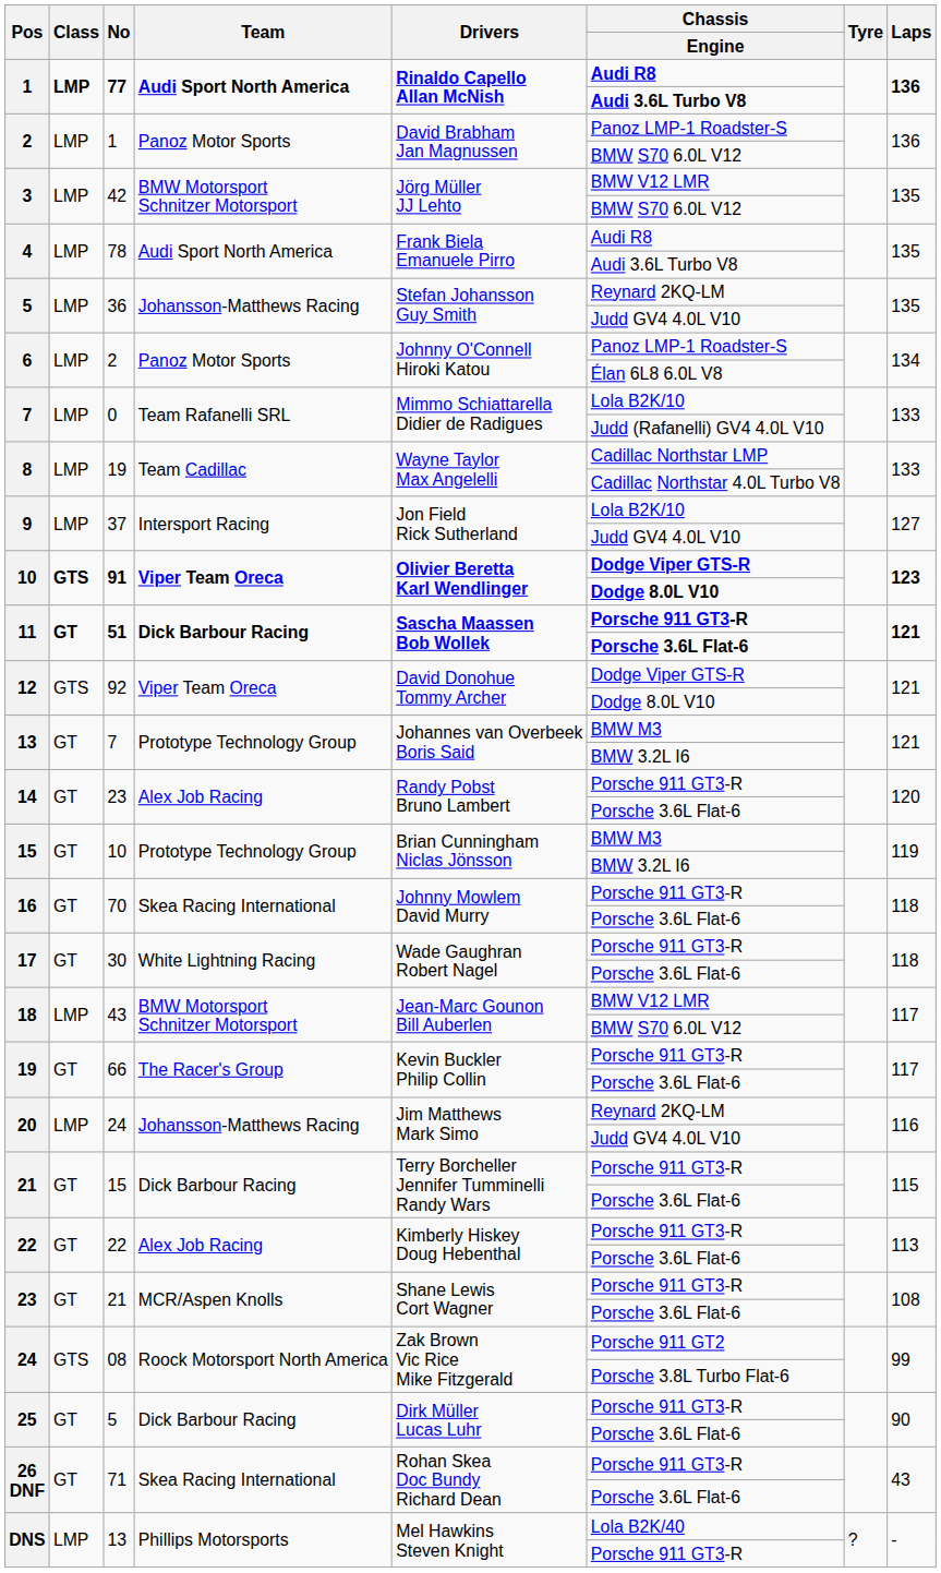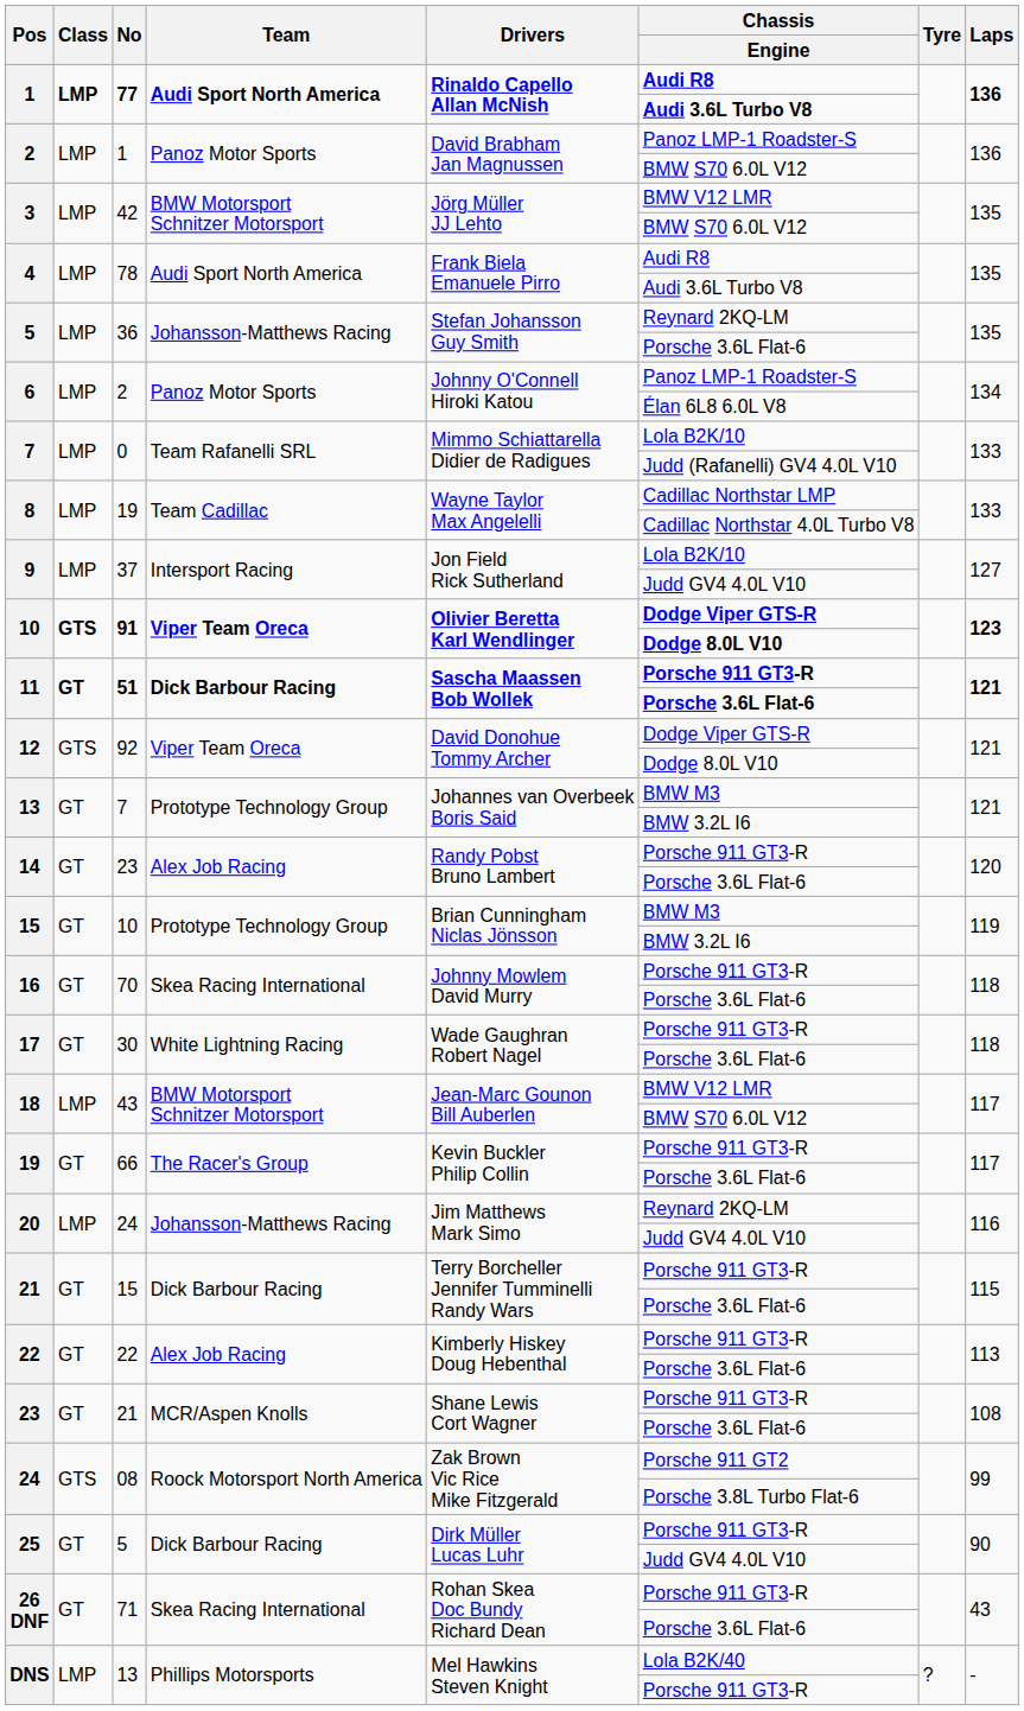 <table class="wikitable" style="font-size: 95%;">
 <tr>
 <th rowspan=2>Pos</th>
 <th rowspan=2>Class</th>
 <th rowspan=2>No</th>
 <th rowspan=2>Team</th>
 <th rowspan=2>Drivers</th>
 <th>Chassis</th>
 <th rowspan=2>Tyre</th>
 <th rowspan=2>Laps</th>
 </tr>
 <tr>
 <th>Engine</th>
 </tr>
 <tr style="font-weight:bold">
 <th rowspan=2>1</th>
 <td rowspan=2>LMP</td>
 <td rowspan=2>77</td>
 <td rowspan=2> <a href='#'>Audi</a> Sport North America</td>
 <td rowspan=2> <a href='#'>Rinaldo Capello</a><br> <a href='#'>Allan McNish</a></td>
 <td><a href='#'>Audi R8</a></td>
 <td rowspan=2></td>
 <td rowspan=2>136</td>
 </tr>
 <tr style="font-weight:bold">
 <td><a href='#'>Audi</a> 3.6L Turbo V8</td>
 </tr>
 <tr>
 <th rowspan=2>2</th>
 <td rowspan=2>LMP</td>
 <td rowspan=2>1</td>
 <td rowspan=2> <a href='#'>Panoz</a> Motor Sports</td>
 <td rowspan=2> <a href='#'>David Brabham</a><br> <a href='#'>Jan Magnussen</a></td>
 <td><a href='#'>Panoz LMP-1 Roadster-S</a></td>
 <td rowspan=2></td>
 <td rowspan=2>136</td>
 </tr>
 <tr>
 <td><a href='#'>BMW</a> <a href='#'>S70</a> 6.0L V12</td>
 </tr>
 <tr>
 <th rowspan=2>3</th>
 <td rowspan=2>LMP</td>
 <td rowspan=2>42</td>
 <td rowspan=2> <a href='#'>BMW Motorsport</a><br> <a href='#'>Schnitzer Motorsport</a></td>
 <td rowspan=2> <a href='#'>Jörg Müller</a><br> <a href='#'>JJ Lehto</a></td>
 <td><a href='#'>BMW V12 LMR</a></td>
 <td rowspan=2></td>
 <td rowspan=2>135</td>
 </tr>
 <tr>
 <td><a href='#'>BMW</a> <a href='#'>S70</a> 6.0L V12</td>
 </tr>
 <tr>
 <th rowspan=2>4</th>
 <td rowspan=2>LMP</td>
 <td rowspan=2>78</td>
 <td rowspan=2> <a href='#'>Audi</a> Sport North America</td>
 <td rowspan=2> <a href='#'>Frank Biela</a><br> <a href='#'>Emanuele Pirro</a></td>
 <td><a href='#'>Audi R8</a></td>
 <td rowspan=2></td>
 <td rowspan=2>135</td>
 </tr>
 <tr>
 <td><a href='#'>Audi</a> 3.6L Turbo V8</td>
 </tr>
 <tr>
 <th rowspan=2>5</th>
 <td rowspan=2>LMP</td>
 <td rowspan=2>36</td>
 <td rowspan=2> <a href='#'>Johansson</a>-Matthews Racing</td>
 <td rowspan=2> <a href='#'>Stefan Johansson</a><br> <a href='#'>Guy Smith</a></td>
 <td><a href='#'>Reynard</a> 2KQ-LM</td>
 <td rowspan=2></td>
 <td rowspan=2>135</td>
 </tr>
 <tr>
-<td><a href='#'>Judd</a> GV4 4.0L V10</td>
+<td><a href='#'>Porsche</a> 3.6L Flat-6</td>
 </tr>
 <tr>
 <th rowspan=2>6</th>
 <td rowspan=2>LMP</td>
 <td rowspan=2>2</td>
 <td rowspan=2> <a href='#'>Panoz</a> Motor Sports</td>
 <td rowspan=2> <a href='#'>Johnny O'Connell</a><br> Hiroki Katou</td>
 <td><a href='#'>Panoz LMP-1 Roadster-S</a></td>
 <td rowspan=2></td>
 <td rowspan=2>134</td>
 </tr>
 <tr>
 <td><a href='#'>Élan</a> 6L8 6.0L V8</td>
 </tr>
 <tr>
 <th rowspan=2>7</th>
 <td rowspan=2>LMP</td>
 <td rowspan=2>0</td>
 <td rowspan=2> Team Rafanelli SRL</td>
 <td rowspan=2> <a href='#'>Mimmo Schiattarella</a><br> Didier de Radigues</td>
 <td><a href='#'>Lola B2K/10</a></td>
 <td rowspan=2></td>
 <td rowspan=2>133</td>
 </tr>
 <tr>
 <td><a href='#'>Judd</a> (Rafanelli) GV4 4.0L V10</td>
 </tr>
 <tr>
 <th rowspan=2>8</th>
 <td rowspan=2>LMP</td>
 <td rowspan=2>19</td>
 <td rowspan=2> Team <a href='#'>Cadillac</a></td>
 <td rowspan=2> <a href='#'>Wayne Taylor</a><br> <a href='#'>Max Angelelli</a></td>
 <td><a href='#'>Cadillac Northstar LMP</a></td>
 <td rowspan=2></td>
 <td rowspan=2>133</td>
 </tr>
 <tr>
 <td><a href='#'>Cadillac</a> <a href='#'>Northstar</a> 4.0L Turbo V8</td>
 </tr>
 <tr>
 <th rowspan=2>9</th>
 <td rowspan=2>LMP</td>
 <td rowspan=2>37</td>
 <td rowspan=2> Intersport Racing</td>
 <td rowspan=2> Jon Field<br> Rick Sutherland</td>
 <td><a href='#'>Lola B2K/10</a></td>
 <td rowspan=2></td>
 <td rowspan=2>127</td>
 </tr>
 <tr>
 <td><a href='#'>Judd</a> GV4 4.0L V10</td>
 </tr>
 <tr style="font-weight:bold">
 <th rowspan=2>10</th>
 <td rowspan=2>GTS</td>
 <td rowspan=2>91</td>
 <td rowspan=2> <a href='#'>Viper</a> Team <a href='#'>Oreca</a></td>
 <td rowspan=2> <a href='#'>Olivier Beretta</a><br> <a href='#'>Karl Wendlinger</a></td>
 <td><a href='#'>Dodge Viper GTS-R</a></td>
 <td rowspan=2></td>
 <td rowspan=2>123</td>
 </tr>
 <tr style="font-weight:bold">
 <td><a href='#'>Dodge</a> 8.0L V10</td>
 </tr>
 <tr style="font-weight:bold">
 <th rowspan=2>11</th>
 <td rowspan=2>GT</td>
 <td rowspan=2>51</td>
 <td rowspan=2> Dick Barbour Racing</td>
 <td rowspan=2> <a href='#'>Sascha Maassen</a><br> <a href='#'>Bob Wollek</a></td>
 <td><a href='#'>Porsche 911 GT3</a>-R</td>
 <td rowspan=2></td>
 <td rowspan=2>121</td>
 </tr>
 <tr style="font-weight:bold">
 <td><a href='#'>Porsche</a> 3.6L Flat-6</td>
 </tr>
 <tr>
 <th rowspan=2>12</th>
 <td rowspan=2>GTS</td>
 <td rowspan=2>92</td>
 <td rowspan=2> <a href='#'>Viper</a> Team <a href='#'>Oreca</a></td>
 <td rowspan=2> <a href='#'>David Donohue</a><br> <a href='#'>Tommy Archer</a></td>
 <td><a href='#'>Dodge Viper GTS-R</a></td>
 <td rowspan=2></td>
 <td rowspan=2>121</td>
 </tr>
 <tr>
 <td><a href='#'>Dodge</a> 8.0L V10</td>
 </tr>
 <tr>
 <th rowspan=2>13</th>
 <td rowspan=2>GT</td>
 <td rowspan=2>7</td>
 <td rowspan=2> Prototype Technology Group</td>
 <td rowspan=2> Johannes van Overbeek<br> <a href='#'>Boris Said</a></td>
 <td><a href='#'>BMW M3</a></td>
 <td rowspan=2></td>
 <td rowspan=2>121</td>
 </tr>
 <tr>
 <td><a href='#'>BMW</a> 3.2L I6</td>
 </tr>
 <tr>
 <th rowspan=2>14</th>
 <td rowspan=2>GT</td>
 <td rowspan=2>23</td>
 <td rowspan=2> <a href='#'>Alex Job Racing</a></td>
 <td rowspan=2> <a href='#'>Randy Pobst</a><br> Bruno Lambert</td>
 <td><a href='#'>Porsche 911 GT3</a>-R</td>
 <td rowspan=2></td>
 <td rowspan=2>120</td>
 </tr>
 <tr>
 <td><a href='#'>Porsche</a> 3.6L Flat-6</td>
 </tr>
 <tr>
 <th rowspan=2>15</th>
 <td rowspan=2>GT</td>
 <td rowspan=2>10</td>
 <td rowspan=2> Prototype Technology Group</td>
 <td rowspan=2> Brian Cunningham<br> <a href='#'>Niclas Jönsson</a></td>
 <td><a href='#'>BMW M3</a></td>
 <td rowspan=2></td>
 <td rowspan=2>119</td>
 </tr>
 <tr>
 <td><a href='#'>BMW</a> 3.2L I6</td>
 </tr>
 <tr>
 <th rowspan=2>16</th>
 <td rowspan=2>GT</td>
 <td rowspan=2>70</td>
 <td rowspan=2> Skea Racing International</td>
 <td rowspan=2> <a href='#'>Johnny Mowlem</a><br> David Murry</td>
 <td><a href='#'>Porsche 911 GT3</a>-R</td>
 <td rowspan=2></td>
 <td rowspan=2>118</td>
 </tr>
 <tr>
 <td><a href='#'>Porsche</a> 3.6L Flat-6</td>
 </tr>
 <tr>
 <th rowspan=2>17</th>
 <td rowspan=2>GT</td>
 <td rowspan=2>30</td>
 <td rowspan=2> White Lightning Racing</td>
 <td rowspan=2> Wade Gaughran<br> Robert Nagel</td>
 <td><a href='#'>Porsche 911 GT3</a>-R</td>
 <td rowspan=2></td>
 <td rowspan=2>118</td>
 </tr>
 <tr>
 <td><a href='#'>Porsche</a> 3.6L Flat-6</td>
 </tr>
 <tr>
 <th rowspan=2>18</th>
 <td rowspan=2>LMP</td>
 <td rowspan=2>43</td>
 <td rowspan=2> <a href='#'>BMW Motorsport</a><br> <a href='#'>Schnitzer Motorsport</a></td>
 <td rowspan=2> <a href='#'>Jean-Marc Gounon</a><br> <a href='#'>Bill Auberlen</a></td>
 <td><a href='#'>BMW V12 LMR</a></td>
 <td rowspan=2></td>
 <td rowspan=2>117</td>
 </tr>
 <tr>
 <td><a href='#'>BMW</a> <a href='#'>S70</a> 6.0L V12</td>
 </tr>
 <tr>
 <th rowspan=2>19</th>
 <td rowspan=2>GT</td>
 <td rowspan=2>66</td>
 <td rowspan=2> <a href='#'>The Racer's Group</a></td>
 <td rowspan=2> Kevin Buckler<br> Philip Collin</td>
 <td><a href='#'>Porsche 911 GT3</a>-R</td>
 <td rowspan=2></td>
 <td rowspan=2>117</td>
 </tr>
 <tr>
 <td><a href='#'>Porsche</a> 3.6L Flat-6</td>
 </tr>
 <tr>
 <th rowspan=2>20</th>
 <td rowspan=2>LMP</td>
 <td rowspan=2>24</td>
 <td rowspan=2> <a href='#'>Johansson</a>-Matthews Racing</td>
 <td rowspan=2> Jim Matthews<br> Mark Simo</td>
 <td><a href='#'>Reynard</a> 2KQ-LM</td>
 <td rowspan=2></td>
 <td rowspan=2>116</td>
 </tr>
 <tr>
 <td><a href='#'>Judd</a> GV4 4.0L V10</td>
 </tr>
 <tr>
 <th rowspan=2>21</th>
 <td rowspan=2>GT</td>
 <td rowspan=2>15</td>
 <td rowspan=2> Dick Barbour Racing</td>
 <td rowspan=2> Terry Borcheller<br> Jennifer Tumminelli<br> Randy Wars</td>
 <td><a href='#'>Porsche 911 GT3</a>-R</td>
 <td rowspan=2></td>
 <td rowspan=2>115</td>
 </tr>
 <tr>
 <td><a href='#'>Porsche</a> 3.6L Flat-6</td>
 </tr>
 <tr>
 <th rowspan=2>22</th>
 <td rowspan=2>GT</td>
 <td rowspan=2>22</td>
 <td rowspan=2> <a href='#'>Alex Job Racing</a></td>
 <td rowspan=2> Kimberly Hiskey<br> Doug Hebenthal</td>
 <td><a href='#'>Porsche 911 GT3</a>-R</td>
 <td rowspan=2></td>
 <td rowspan=2>113</td>
 </tr>
 <tr>
 <td><a href='#'>Porsche</a> 3.6L Flat-6</td>
 </tr>
 <tr>
 <th rowspan=2>23</th>
 <td rowspan=2>GT</td>
 <td rowspan=2>21</td>
 <td rowspan=2> MCR/Aspen Knolls</td>
 <td rowspan=2> Shane Lewis<br> Cort Wagner</td>
 <td><a href='#'>Porsche 911 GT3</a>-R</td>
 <td rowspan=2></td>
 <td rowspan=2>108</td>
 </tr>
 <tr>
 <td><a href='#'>Porsche</a> 3.6L Flat-6</td>
 </tr>
 <tr>
 <th rowspan=2>24</th>
 <td rowspan=2>GTS</td>
 <td rowspan=2>08</td>
 <td rowspan=2> Roock Motorsport North America</td>
 <td rowspan=2> Zak Brown<br> Vic Rice<br> Mike Fitzgerald</td>
 <td><a href='#'>Porsche 911 GT2</a></td>
 <td rowspan=2></td>
 <td rowspan=2>99</td>
 </tr>
 <tr>
 <td><a href='#'>Porsche</a> 3.8L Turbo Flat-6</td>
 </tr>
 <tr>
 <th rowspan=2>25</th>
 <td rowspan=2>GT</td>
 <td rowspan=2>5</td>
 <td rowspan=2> Dick Barbour Racing</td>
 <td rowspan=2> <a href='#'>Dirk Müller</a><br> <a href='#'>Lucas Luhr</a></td>
 <td><a href='#'>Porsche 911 GT3</a>-R</td>
 <td rowspan=2></td>
 <td rowspan=2>90</td>
 </tr>
 <tr>
-<td><a href='#'>Porsche</a> 3.6L Flat-6</td>
+<td><a href='#'>Judd</a> GV4 4.0L V10</td>
 </tr>
 <tr>
 <th rowspan=2>26<br>DNF</th>
 <td rowspan=2>GT</td>
 <td rowspan=2>71</td>
 <td rowspan=2> Skea Racing International</td>
 <td rowspan=2> Rohan Skea<br> <a href='#'>Doc Bundy</a><br> Richard Dean</td>
 <td><a href='#'>Porsche 911 GT3</a>-R</td>
 <td rowspan=2></td>
 <td rowspan=2>43</td>
 </tr>
 <tr>
 <td><a href='#'>Porsche</a> 3.6L Flat-6</td>
 </tr>
 <tr>
 <th rowspan=2>DNS</th>
 <td rowspan=2>LMP</td>
 <td rowspan=2>13</td>
 <td rowspan=2> Phillips Motorsports</td>
 <td rowspan=2> Mel Hawkins<br> Steven Knight</td>
 <td><a href='#'>Lola B2K/40</a></td>
 <td rowspan=2>?</td>
 <td rowspan=2>-</td>
 </tr>
 <tr>
 <td><a href='#'>Porsche 911 GT3</a>-R</td>
 </tr>
 </table>
